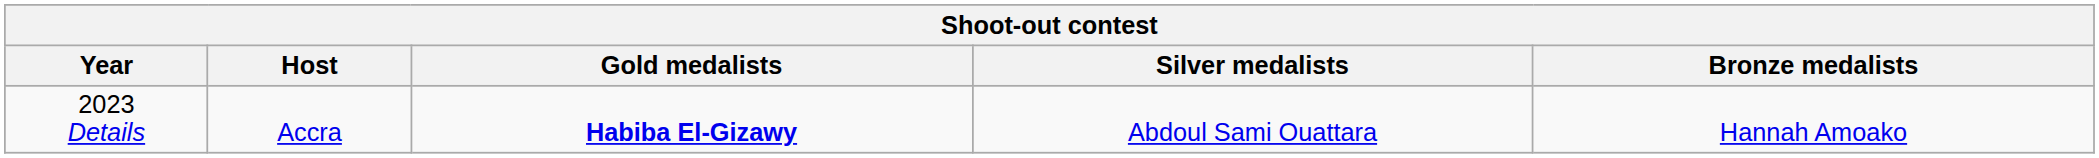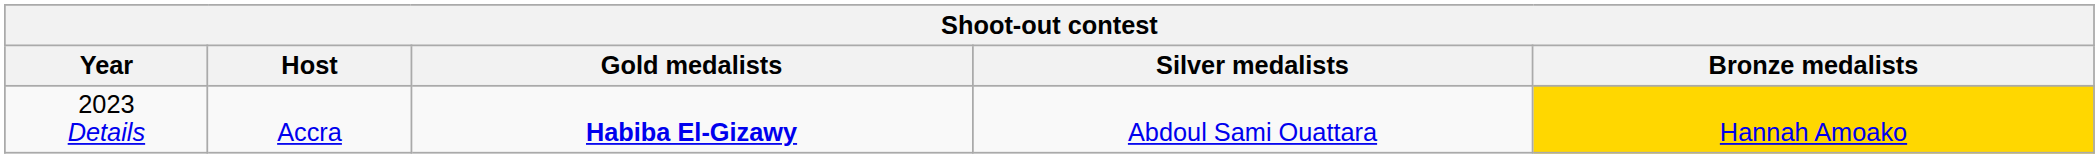 <table class="wikitable" style="font-size:90%; width: 75%; text-align: center;">
 <tr>
 <th colspan=5>Shoot-out contest</th>
 </tr>
 <tr>
 <th width=50>Year</th>
 <th width=50>Host</th>
 <th width=150> Gold medalists</th>
 <th width=150> Silver medalists</th>
 <th width=150> Bronze medalists</th>
 </tr>
 <tr>
 <td>2023<br><em><a href='#'>Details</a></em></td>
 <td><br><a href='#'>Accra</a></td>
 <td><strong><br><a href='#'>Habiba El-Gizawy</a></strong></td>
 <td><br><a href='#'>Abdoul Sami Ouattara</a></td>
-<td><br><a href='#'>Hannah Amoako</a></td>
+<td style="background: gold;"><br><a href='#'>Hannah Amoako</a></td>
 </tr>
 </table>
